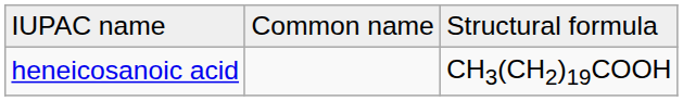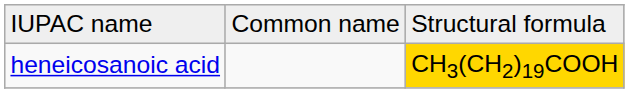 <table class="wikitable">
 <tr bgcolor="#efefef">
 <td>IUPAC name</td>
 <td>Common name</td>
 <td>Structural formula</td>
 </tr>
 <tr>
 <td><a href='#'>heneicosanoic acid</a></td>
 <td></td>
-<td>CH<sub>3</sub>(CH<sub>2</sub>)<sub>19</sub>COOH</td>
+<td style="background: gold;">CH<sub>3</sub>(CH<sub>2</sub>)<sub>19</sub>COOH</td>
 </tr>
 </table>
